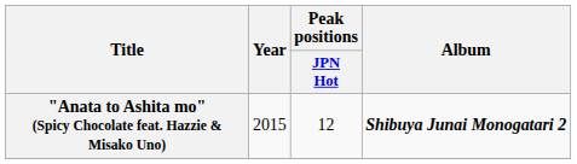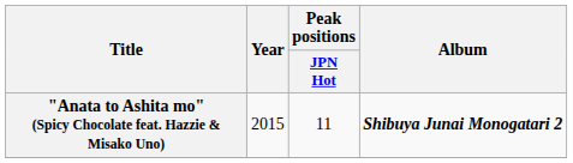 <table class="wikitable plainrowheaders" style="text-align:center;">
 <tr>
 <th scope="col" rowspan="2" style="width:14em;">Title</th>
 <th scope="col" rowspan="2">Year</th>
 <th scope="col" colspan="1">Peak positions</th>
 <th scope="col" rowspan="2">Album</th>
 </tr>
 <tr>
 <th scope="col" style="width:4em;font-size:90%;"><a href='#'>JPN<br>Hot</a><br></th>
 </tr>
 <tr>
 <th scope="row">"Anata to Ashita mo"<br><small>(Spicy Chocolate feat. Hazzie & Misako Uno)</small></th>
 <td>2015</td>
-<td>12</td>
+<td>11</td>
 <td><strong><em>Shibuya Junai Monogatari 2</em></strong></td>
 </tr>
 <tr>
 </tr>
 </table>
